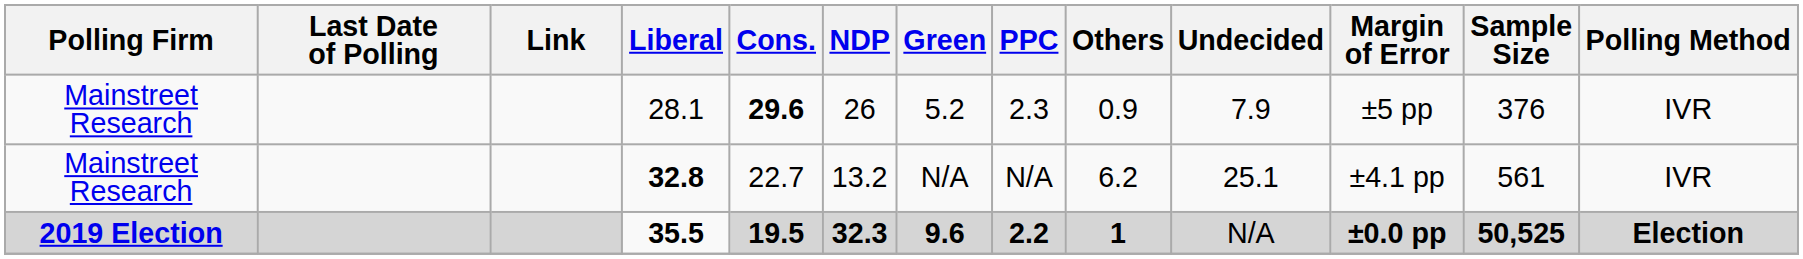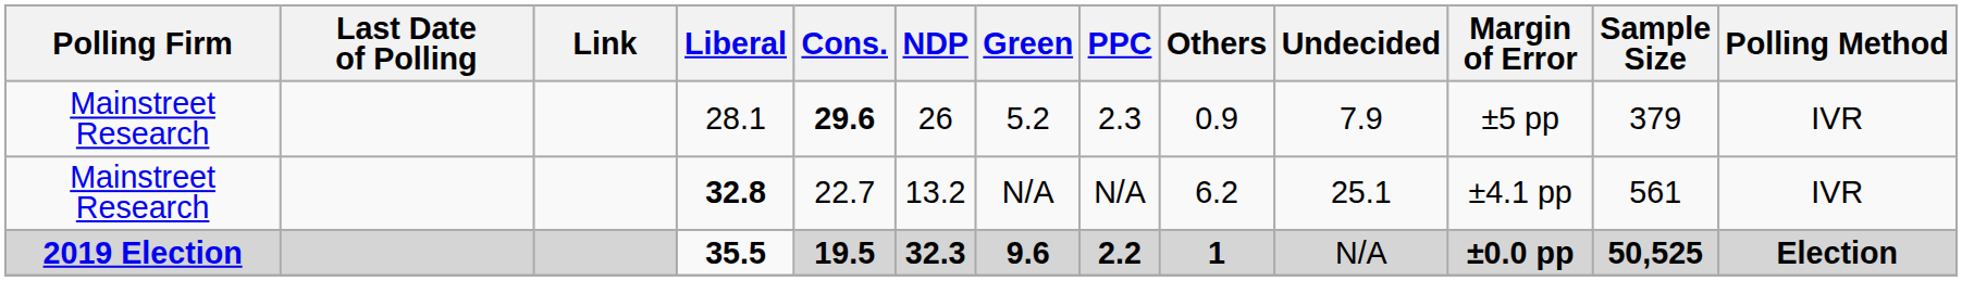 <table class="wikitable sortable" style="text-align:center;font-size:90%;line-height:14px;">
 <tr style="background:#e9e9e9;">
 <th style="width:120px">Polling Firm</th>
 <th style="width:110px">Last Date<br>of Polling</th>
 <th style="width:60px" class="unsortable">Link</th>
 <th style="background-color:"><a href='#'>Liberal</a></th>
 <th style="background-color:"><a href='#'>Cons.</a></th>
 <th style="background-color:"><a href='#'>NDP</a></th>
 <th style="background-color:"><a href='#'>Green</a></th>
 <th style="background-color:"><a href='#'><span>PPC</span></a></th>
 <th style="background-color:">Others</th>
 <th style="background-color:">Undecided</th>
 <th style="width:60px;" class=unsortable>Margin<br>of Error</th>
 <th style="width:50px;" class=unsortable>Sample<br>Size</th>
 <th class=unsortable>Polling Method</th>
 </tr>
 <tr>
 <td><a href='#'>Mainstreet Research</a></td>
 <td></td>
 <td></td>
 <td>28.1</td>
 <td><strong>29.6</strong></td>
 <td>26</td>
 <td>5.2</td>
 <td>2.3</td>
 <td>0.9</td>
 <td>7.9</td>
 <td>±5 pp</td>
-<td>376</td>
+<td>379</td>
 <td>IVR</td>
 </tr>
 <tr>
 <td><a href='#'>Mainstreet Research</a></td>
 <td></td>
 <td></td>
 <td><strong>32.8</strong></td>
 <td>22.7</td>
 <td>13.2</td>
 <td>N/A</td>
 <td>N/A</td>
 <td>6.2</td>
 <td>25.1</td>
 <td>±4.1 pp</td>
 <td>561</td>
 <td>IVR</td>
 </tr>
 <tr>
 <td style="background:#D5D5D5"><strong><a href='#'>2019 Election</a></strong></td>
 <td style="background:#D5D5D5"><strong></strong></td>
 <td style="background:#D5D5D5"></td>
 <td><strong>35.5</strong></td>
 <td style="background:#D5D5D5"><strong>19.5</strong></td>
 <td style="background:#D5D5D5"><strong>32.3</strong></td>
 <td style="background:#D5D5D5"><strong>9.6</strong></td>
 <td style="background:#D5D5D5"><strong>2.2</strong></td>
 <td style="background:#D5D5D5"><strong>1</strong></td>
 <td style="background:#D5D5D5">N/A</td>
 <td style="background:#D5D5D5"><strong>±0.0 pp</strong></td>
 <td style="background:#D5D5D5"><strong>50,525</strong></td>
 <td style="background:#D5D5D5"><strong>Election</strong></td>
 </tr>
 <tr>
 </tr>
 <tr>
 </tr>
 </table>
